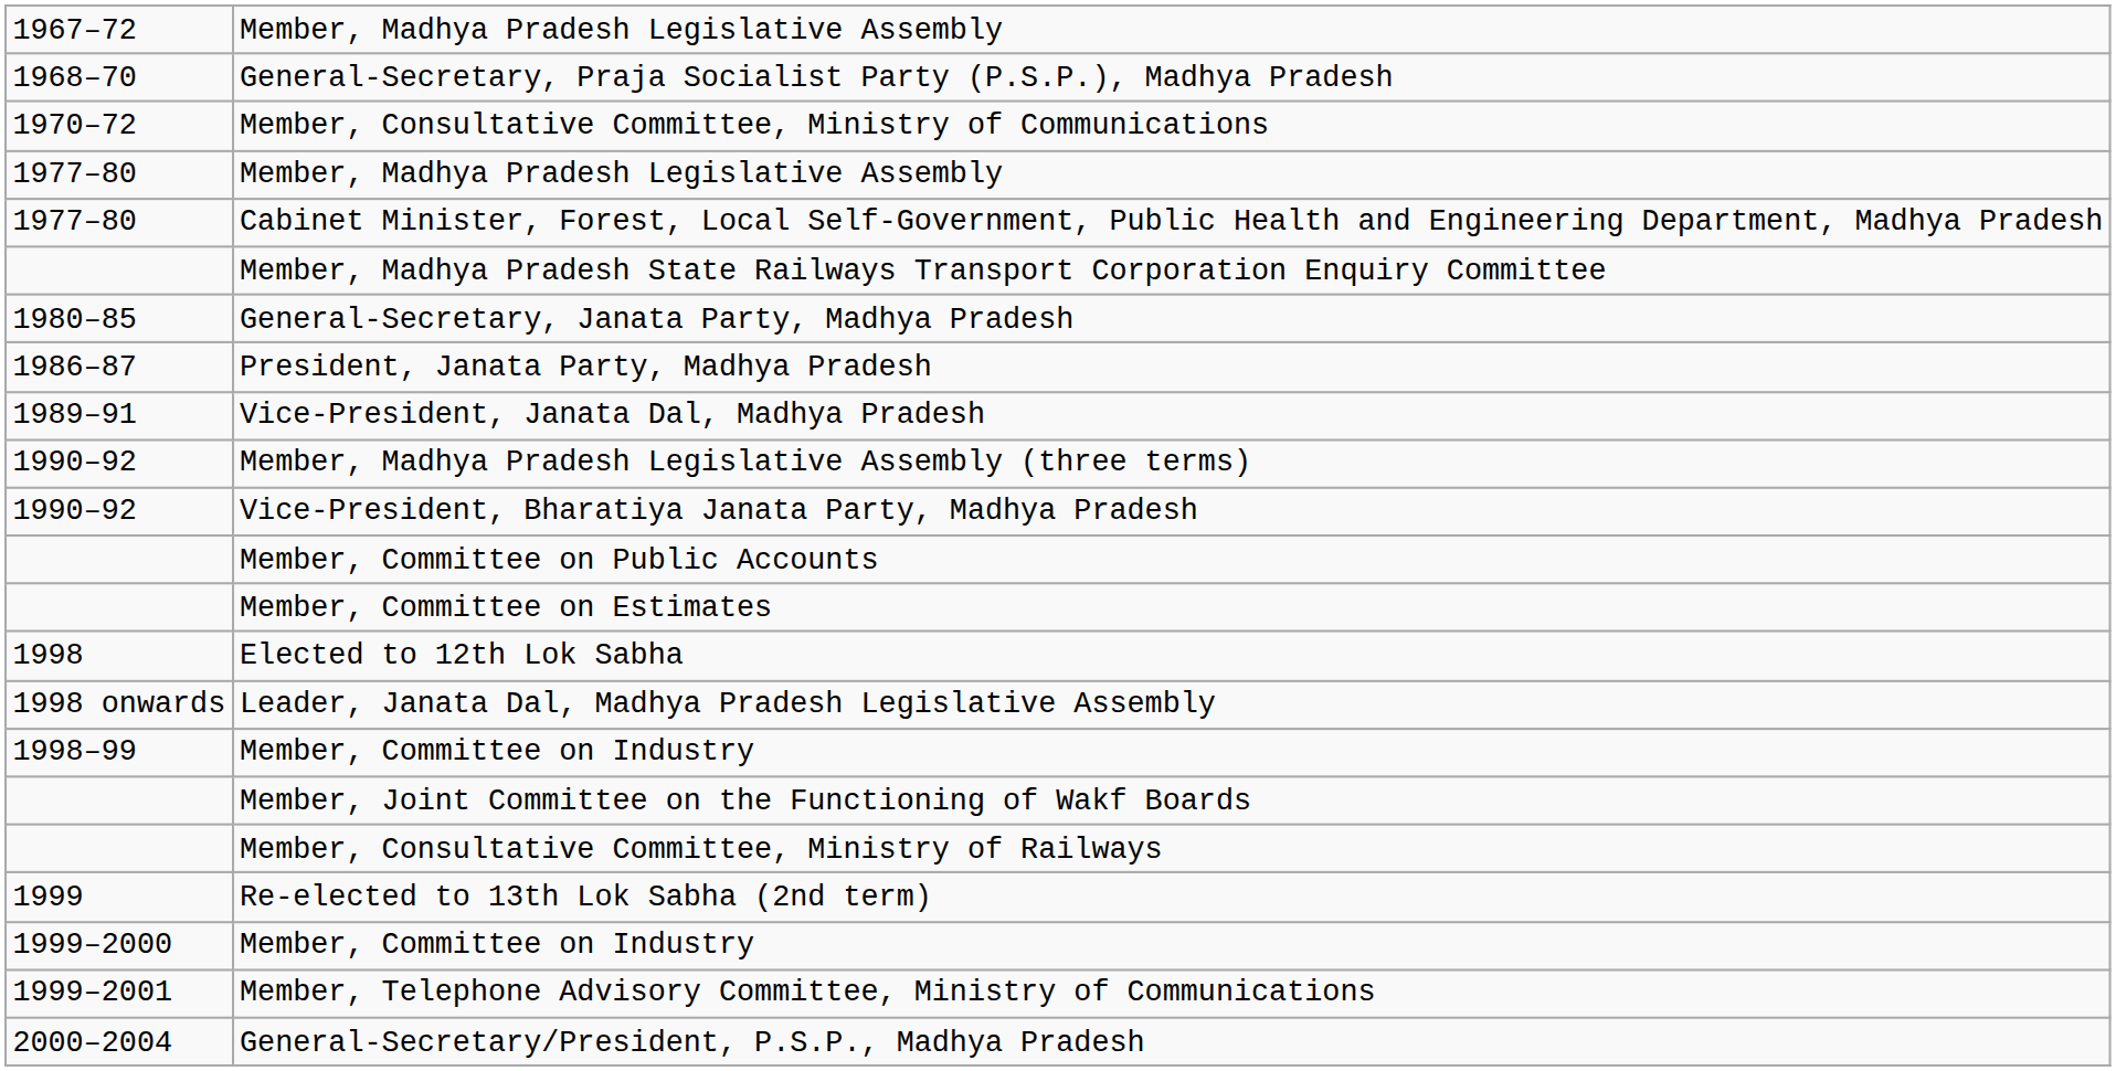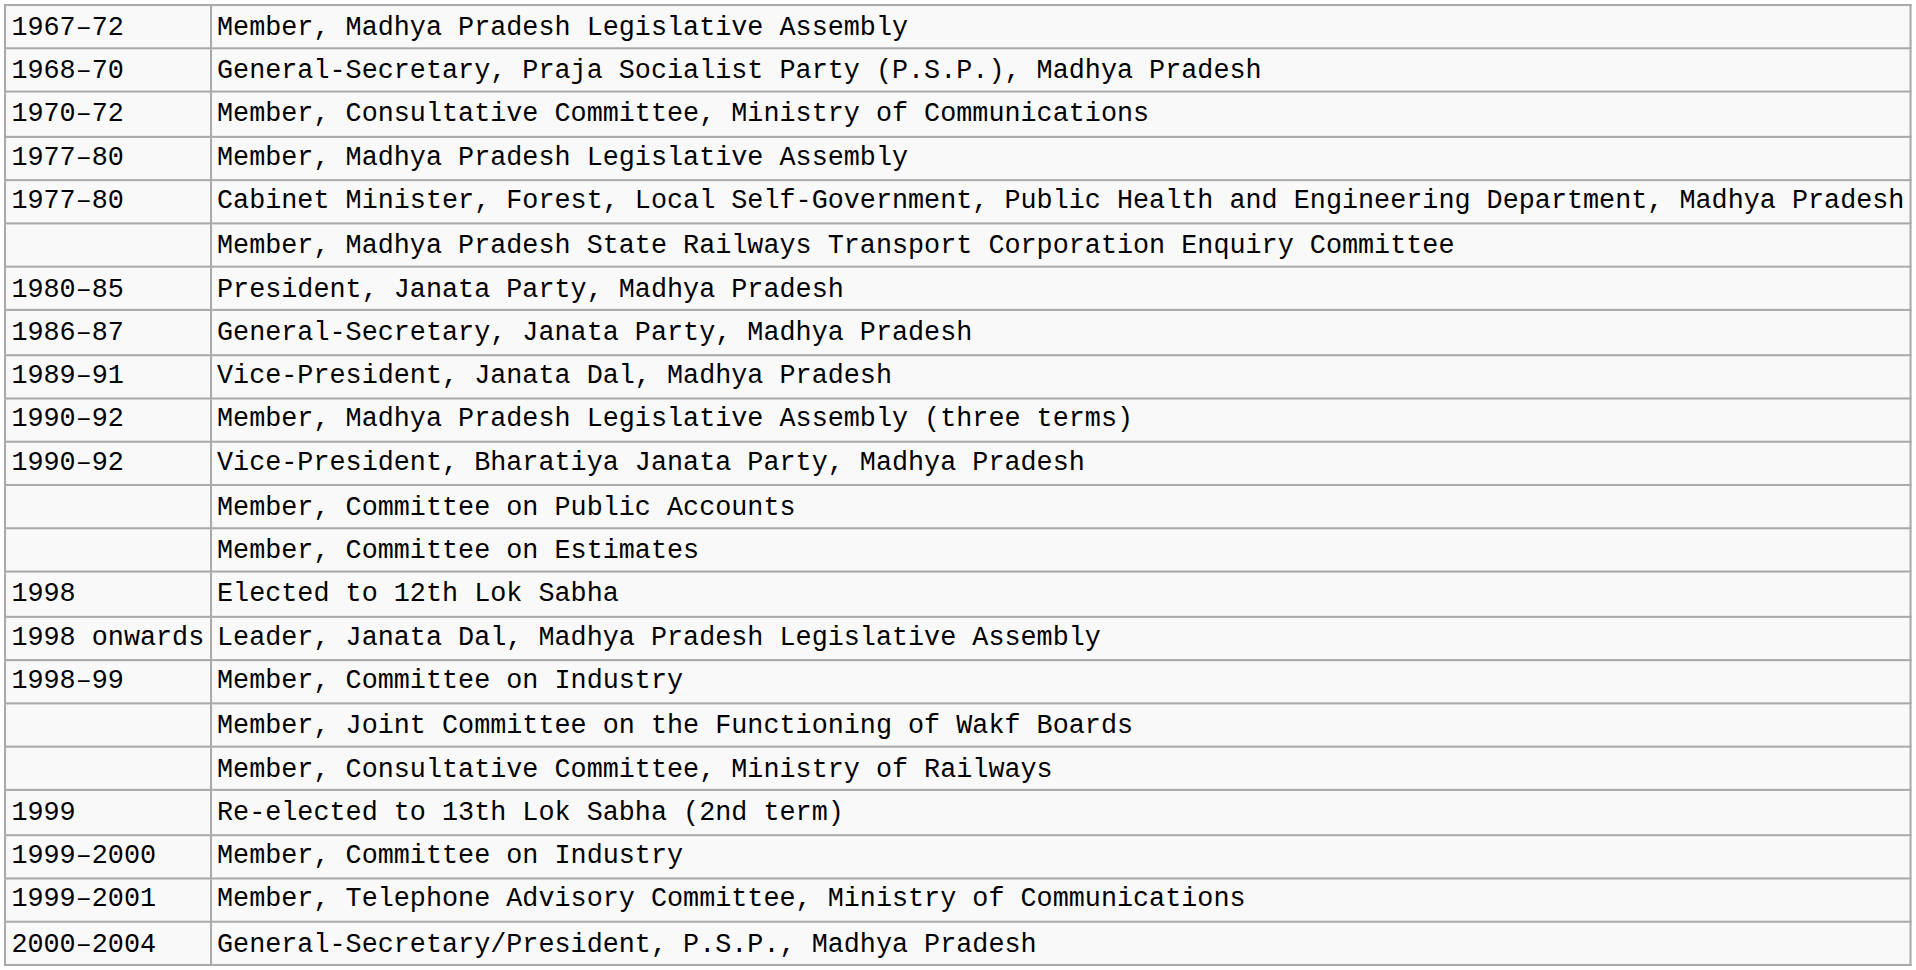 <table class="wikitable">
 <tr>
 <td>1967–72</td>
 <td>Member, Madhya Pradesh Legislative Assembly</td>
 </tr>
 <tr>
 <td>1968–70</td>
 <td>General-Secretary, Praja Socialist Party (P.S.P.), Madhya Pradesh</td>
 </tr>
 <tr>
 <td>1970–72</td>
 <td>Member, Consultative Committee, Ministry of Communications</td>
 </tr>
 <tr>
 <td>1977–80</td>
 <td>Member, Madhya Pradesh Legislative Assembly</td>
 </tr>
 <tr>
 <td>1977–80</td>
 <td>Cabinet Minister, Forest, Local Self-Government, Public Health and Engineering Department, Madhya Pradesh</td>
 </tr>
 <tr>
 <td></td>
 <td>Member, Madhya Pradesh State Railways Transport Corporation Enquiry Committee</td>
 </tr>
 <tr>
 <td>1980–85</td>
-<td>General-Secretary, Janata Party, Madhya Pradesh</td>
+<td>President, Janata Party, Madhya Pradesh</td>
 </tr>
 <tr>
 <td>1986–87</td>
-<td>President, Janata Party, Madhya Pradesh</td>
+<td>General-Secretary, Janata Party, Madhya Pradesh</td>
 </tr>
 <tr>
 <td>1989–91</td>
 <td>Vice-President, Janata Dal, Madhya Pradesh</td>
 </tr>
 <tr>
 <td>1990–92</td>
 <td>Member, Madhya Pradesh Legislative Assembly (three terms)</td>
 </tr>
 <tr>
 <td>1990–92</td>
 <td>Vice-President, Bharatiya Janata Party, Madhya Pradesh</td>
 </tr>
 <tr>
 <td></td>
 <td>Member, Committee on Public Accounts</td>
 </tr>
 <tr>
 <td></td>
 <td>Member, Committee on Estimates</td>
 </tr>
 <tr>
 <td>1998</td>
 <td>Elected to 12th Lok Sabha</td>
 </tr>
 <tr>
 <td>1998 onwards</td>
 <td>Leader, Janata Dal, Madhya Pradesh Legislative Assembly</td>
 </tr>
 <tr>
 <td>1998–99</td>
 <td>Member, Committee on Industry</td>
 </tr>
 <tr>
 <td></td>
 <td>Member, Joint Committee on the Functioning of Wakf Boards</td>
 </tr>
 <tr>
 <td></td>
 <td>Member, Consultative Committee, Ministry of Railways</td>
 </tr>
 <tr>
 <td>1999</td>
 <td>Re-elected to 13th Lok Sabha (2nd term)</td>
 </tr>
 <tr>
 <td>1999–2000</td>
 <td>Member, Committee on Industry</td>
 </tr>
 <tr>
 <td>1999–2001</td>
 <td>Member, Telephone Advisory Committee, Ministry of Communications</td>
 </tr>
 <tr>
 <td>2000–2004</td>
 <td>General-Secretary/President, P.S.P., Madhya Pradesh</td>
 </tr>
 </table>
